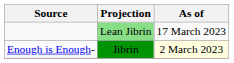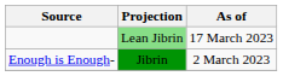 <table class="wikitable" style="text-align:center">
 <tr>
 <th>Source</th>
 <th colspan=2>Projection</th>
 <th>As of</th>
 </tr>
 <tr>
 <td align="left"></td>
 <td colspan=2 bgcolor=#87de87>Lean Jibrin</td>
 <td>17 March 2023</td>
 </tr>
 <tr>
 <td align="left"><a href='#'>Enough is Enough</a>-<br></td>
 <td colspan=2 bgcolor=#009404>Jibrin</td>
-<td style="background: lightyellow;">2 March 2023</td>
+<td>2 March 2023</td>
 </tr>
 <tr>
 </tr>
 </table>
